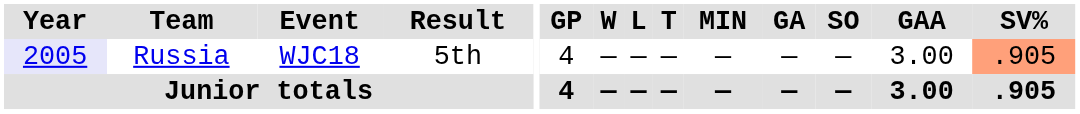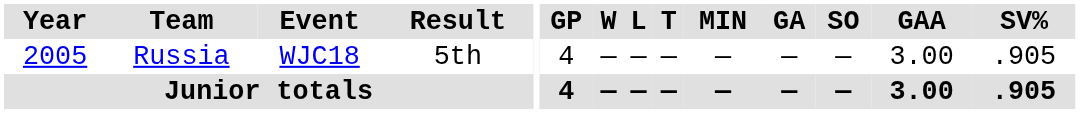 <table border="0" cellpadding="1" cellspacing="0" ID="Table3" style="text-align:center; width:40em">
 <tr ALIGN="center" bgcolor="#e0e0e0">
 <th>Year</th>
 <th>Team</th>
 <th>Event</th>
 <th>Result</th>
 <th rowspan="99" bgcolor="#ffffff"></th>
 <th>GP</th>
 <th>W</th>
 <th>L</th>
 <th>T</th>
 <th>MIN</th>
 <th>GA</th>
 <th>SO</th>
 <th>GAA</th>
 <th>SV%</th>
 </tr>
 <tr ALIGN="center">
-<td style="background: lavender;"><a href='#'>2005</a></td>
+<td><a href='#'>2005</a></td>
 <td><a href='#'>Russia</a></td>
 <td><a href='#'>WJC18</a></td>
 <td>5th</td>
 <td>4</td>
 <td>—</td>
 <td>—</td>
 <td>—</td>
 <td>—</td>
 <td>—</td>
 <td>—</td>
 <td>3.00</td>
-<td style="background: lightsalmon;">.905</td>
+<td>.905</td>
 </tr>
 <tr ALIGN="center" bgcolor="#e0e0e0">
 <th colspan=4>Junior totals</th>
 <th>4</th>
 <th>—</th>
 <th>—</th>
 <th>—</th>
 <th>—</th>
 <th>—</th>
 <th>—</th>
 <th>3.00</th>
 <th>.905</th>
 </tr>
 </table>
